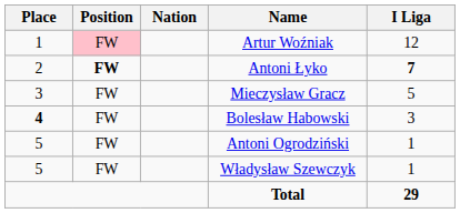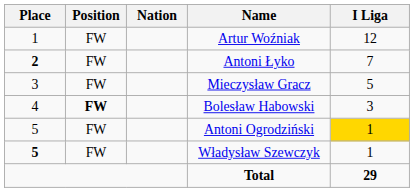 <table class="wikitable" style="font-size: 95%; text-align: center;">
 <tr>
 <th width=60>Place</th>
 <th width=60>Position</th>
 <th width=60>Nation</th>
 <th width=150>Name</th>
 <th width=80>I Liga</th>
 </tr>
 <tr>
 <td>1</td>
-<td style="background: pink;">FW</td>
+<td>FW</td>
 <td></td>
 <td><a href='#'>Artur Woźniak</a></td>
 <td>12</td>
 </tr>
 <tr>
-<td>2</td>
-<td><strong>FW</strong></td>
+<td><strong>2</strong></td>
+<td>FW</td>
 <td></td>
 <td><a href='#'>Antoni Łyko</a></td>
-<td><strong>7</strong></td>
+<td>7</td>
 </tr>
 <tr>
 <td>3</td>
 <td>FW</td>
 <td></td>
 <td><a href='#'>Mieczysław Gracz</a></td>
 <td>5</td>
 </tr>
 <tr>
-<td><strong>4</strong></td>
-<td>FW</td>
+<td>4</td>
+<td><strong>FW</strong></td>
 <td></td>
 <td><a href='#'>Bolesław Habowski</a></td>
 <td>3</td>
 </tr>
 <tr>
 <td>5</td>
 <td>FW</td>
 <td></td>
 <td><a href='#'>Antoni Ogrodziński</a></td>
-<td>1</td>
+<td style="background: gold;">1</td>
 </tr>
 <tr>
-<td>5</td>
+<td><strong>5</strong></td>
 <td>FW</td>
 <td></td>
 <td><a href='#'>Władysław Szewczyk</a></td>
 <td>1</td>
 </tr>
 <tr>
 <td colspan="3"></td>
 <td><strong>Total</strong></td>
 <td><strong>29</strong></td>
 </tr>
 </table>
